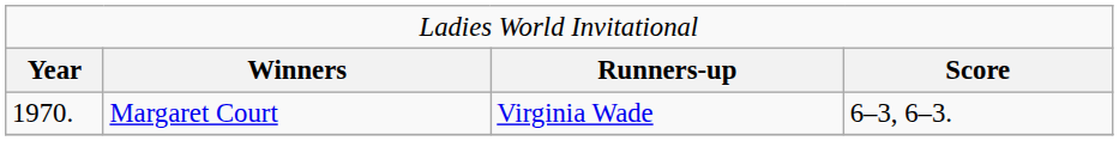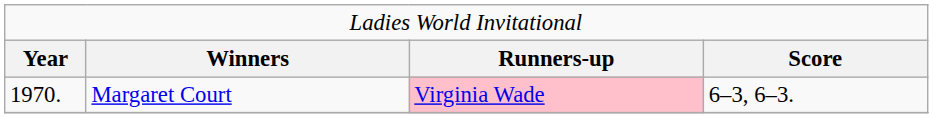 <table class="wikitable">
 <tr>
 <td colspan=4 align=center><em>Ladies World Invitational</em></td>
 </tr>
 <tr>
 <th style="width:50px">Year</th>
 <th style="width:220px">Winners</th>
 <th style="width:200px">Runners-up</th>
 <th style="width:150px" class="unsortable">Score</th>
 </tr>
 <tr>
 <td>1970.</td>
 <td> <a href='#'>Margaret Court</a></td>
-<td> <a href='#'>Virginia Wade</a></td>
+<td style="background: pink;"> <a href='#'>Virginia Wade</a></td>
 <td>6–3, 6–3.</td>
 </tr>
 <tr>
 </tr>
 </table>
